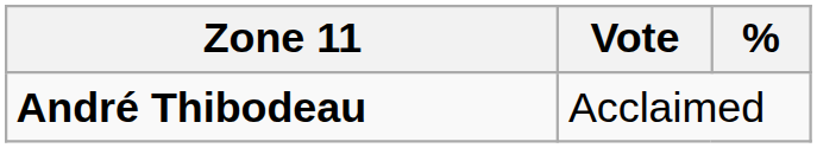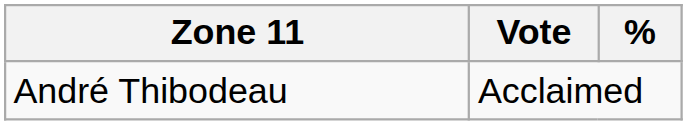 <table class="wikitable">
 <tr>
 <th bgcolor="#DDDDFF" width="200px">Zone 11</th>
 <th bgcolor="#DDDDFF" width="50px">Vote</th>
 <th bgcolor="#DDDDFF" width="30px">%</th>
 </tr>
 <tr>
-<td><strong>André Thibodeau</strong></td>
+<td>André Thibodeau</td>
 <td colspan="2">Acclaimed</td>
 </tr>
 </table>
